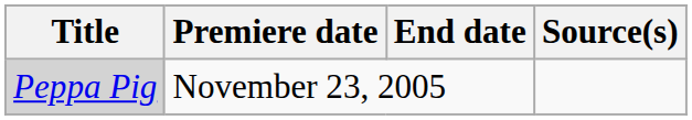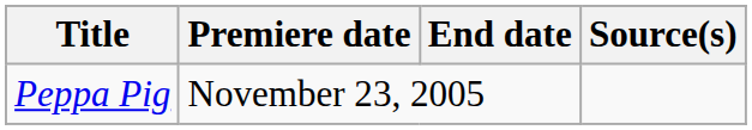 <table class="wikitable sortable">
 <tr>
 <th>Title</th>
 <th>Premiere date</th>
 <th>End date</th>
 <th>Source(s)</th>
 </tr>
 <tr>
-<td style="background: lightgrey;"><em><a href='#'>Peppa Pig</a></em></td>
+<td><em><a href='#'>Peppa Pig</a></em></td>
 <td colspan=2>November 23, 2005</td>
 <td></td>
 </tr>
 </table>
